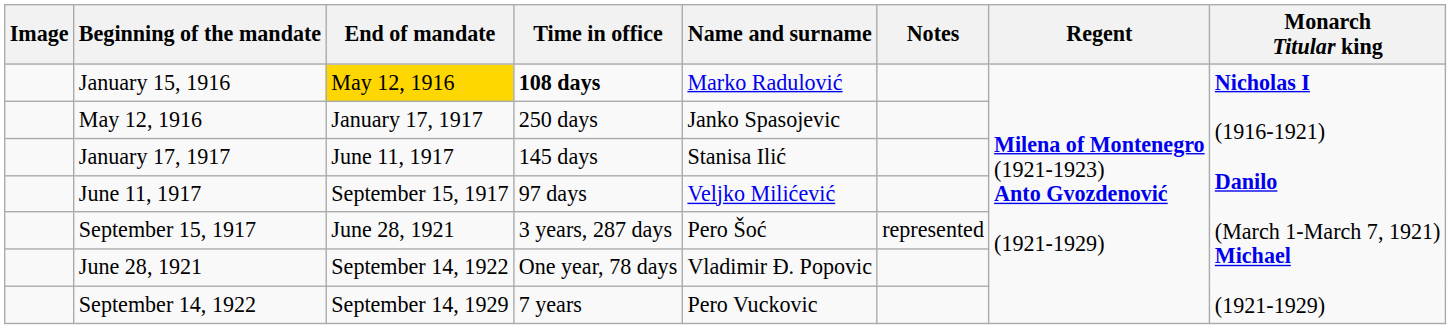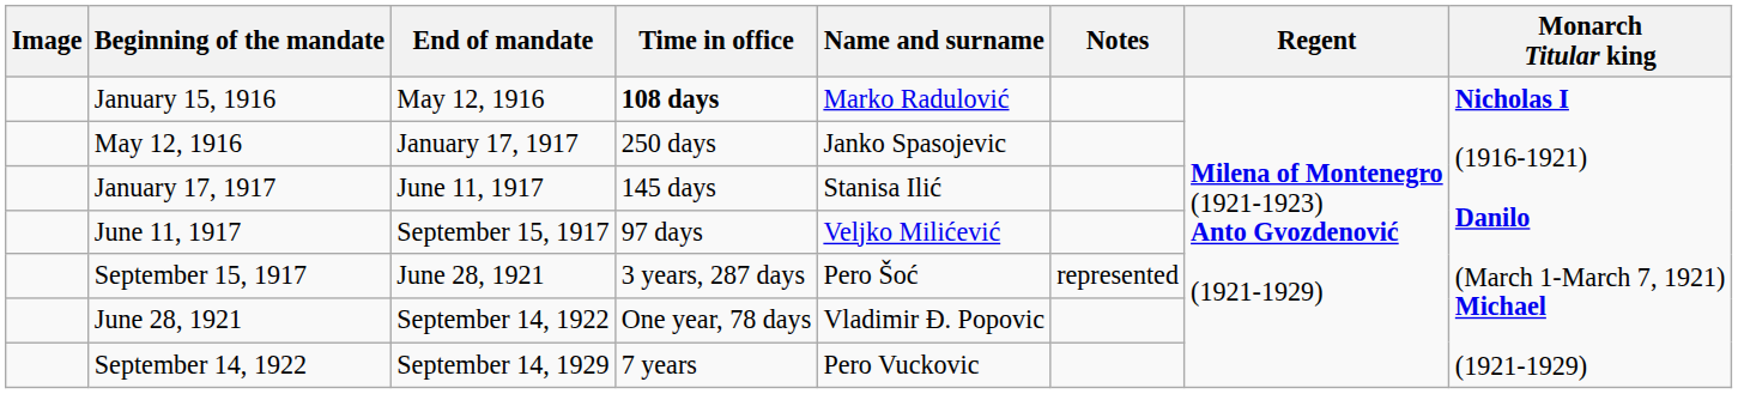 <table class="wikitable">
 <tr>
 <th>Image</th>
 <th>Beginning of the mandate</th>
 <th>End of mandate</th>
 <th>Time in office</th>
 <th>Name and surname</th>
 <th>Notes</th>
 <th>Regent</th>
 <th>Monarch<br><em>Titular</em> king</th>
 </tr>
 <tr>
 <td></td>
 <td>January 15, 1916</td>
-<td style="background: gold;">May 12, 1916</td>
+<td>May 12, 1916</td>
 <td><strong>108 days</strong></td>
 <td><a href='#'>Marko Radulović</a></td>
 <td></td>
 <td rowspan="7"><strong><a href='#'>Milena of Montenegro</a></strong><br>(1921-1923)<br><strong><a href='#'>Anto Gvozdenović</a></strong><br><br>(1921-1929)</td>
 <td rowspan="7"><strong><a href='#'>Nicholas I</a><br></strong><br>(1916-1921)<br><br><strong><a href='#'>Danilo</a></strong><br><br>(March 1-March 7, 1921)<br><strong><a href='#'>Michael</a></strong><br><br>(1921-1929)</td>
 </tr>
 <tr>
 <td></td>
 <td>May 12, 1916</td>
 <td>January 17, 1917</td>
 <td>250 days</td>
 <td>Janko Spasojevic</td>
 <td></td>
 </tr>
 <tr>
 <td></td>
 <td>January 17, 1917</td>
 <td>June 11, 1917</td>
 <td>145 days</td>
 <td>Stanisa Ilić</td>
 <td></td>
 </tr>
 <tr>
 <td></td>
 <td>June 11, 1917</td>
 <td>September 15, 1917</td>
 <td>97 days</td>
 <td><a href='#'>Veljko Milićević</a></td>
 <td></td>
 </tr>
 <tr>
 <td></td>
 <td>September 15, 1917</td>
 <td>June 28, 1921</td>
 <td>3 years, 287 days</td>
 <td>Pero Šoć</td>
 <td>represented</td>
 </tr>
 <tr>
 <td></td>
 <td>June 28, 1921</td>
 <td>September 14, 1922</td>
 <td>One year, 78 days</td>
 <td>Vladimir Đ. Popovic</td>
 <td></td>
 </tr>
 <tr>
 <td></td>
 <td>September 14, 1922</td>
 <td>September 14, 1929</td>
 <td>7 years</td>
 <td>Pero Vuckovic</td>
 </tr>
 </table>
